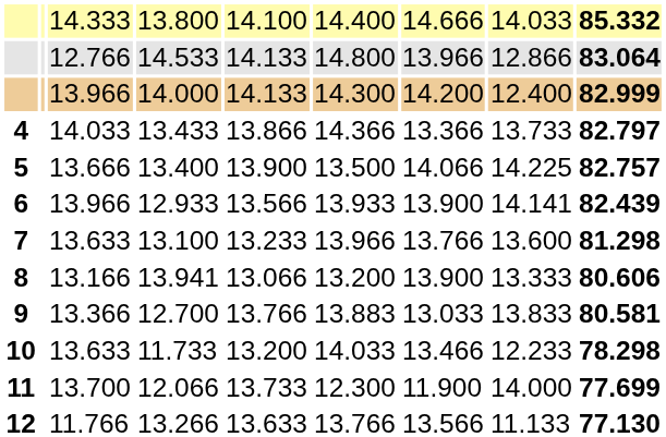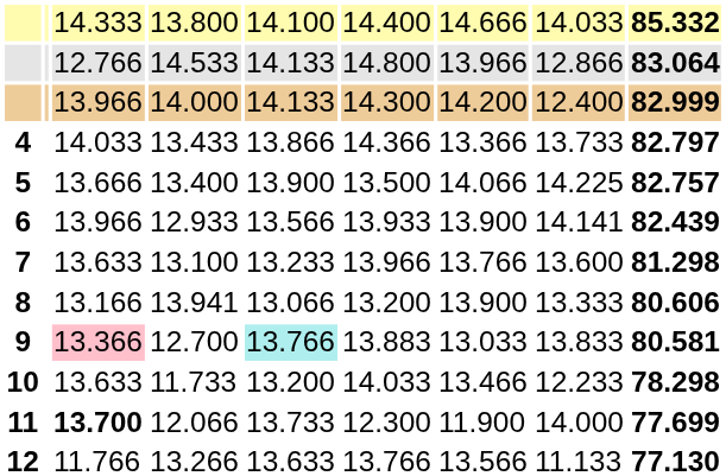 <table>
 <tr style="background:#fffcaf;">
 <th scope=row style="text-align:center"></th>
 <td align=left></td>
 <td>14.333</td>
 <td>13.800</td>
 <td>14.100</td>
 <td>14.400</td>
 <td>14.666</td>
 <td>14.033</td>
 <td><strong>85.332</strong></td>
 </tr>
 <tr style="background:#e5e5e5;">
 <th scope=row style="text-align:center"></th>
 <td align=left></td>
 <td>12.766</td>
 <td>14.533</td>
 <td>14.133</td>
 <td>14.800</td>
 <td>13.966</td>
 <td>12.866</td>
 <td><strong>83.064</strong></td>
 </tr>
 <tr style="background:#ec9;">
 <th scope=row style="text-align:center"></th>
 <td align=left></td>
 <td>13.966</td>
 <td>14.000</td>
 <td>14.133</td>
 <td>14.300</td>
 <td>14.200</td>
 <td>12.400</td>
 <td><strong>82.999</strong></td>
 </tr>
 <tr>
 <th scope=row style="text-align:center">4</th>
 <td align=left></td>
 <td>14.033</td>
 <td>13.433</td>
 <td>13.866</td>
 <td>14.366</td>
 <td>13.366</td>
 <td>13.733</td>
 <td><strong>82.797</strong></td>
 </tr>
 <tr>
 <th scope=row style="text-align:center">5</th>
 <td align=left></td>
 <td>13.666</td>
 <td>13.400</td>
 <td>13.900</td>
 <td>13.500</td>
 <td>14.066</td>
 <td>14.225</td>
 <td><strong>82.757</strong></td>
 </tr>
 <tr>
 <th scope=row style="text-align:center">6</th>
 <td align=left></td>
 <td>13.966</td>
 <td>12.933</td>
 <td>13.566</td>
 <td>13.933</td>
 <td>13.900</td>
 <td>14.141</td>
 <td><strong>82.439</strong></td>
 </tr>
 <tr>
 <th scope=row style="text-align:center">7</th>
 <td align=left></td>
 <td>13.633</td>
 <td>13.100</td>
 <td>13.233</td>
 <td>13.966</td>
 <td>13.766</td>
 <td>13.600</td>
 <td><strong>81.298</strong></td>
 </tr>
 <tr>
 <th scope=row style="text-align:center">8</th>
 <td align=left></td>
 <td>13.166</td>
 <td>13.941</td>
 <td>13.066</td>
 <td>13.200</td>
 <td>13.900</td>
 <td>13.333</td>
 <td><strong>80.606</strong></td>
 </tr>
 <tr>
 <th scope=row style="text-align:center">9</th>
 <td align=left></td>
-<td>13.366</td>
+<td style="background: pink;">13.366</td>
 <td>12.700</td>
-<td>13.766</td>
+<td style="background: paleturquoise;">13.766</td>
 <td>13.883</td>
 <td>13.033</td>
 <td>13.833</td>
 <td><strong>80.581</strong></td>
 </tr>
 <tr>
 <th scope=row style="text-align:center">10</th>
 <td align=left></td>
 <td>13.633</td>
 <td>11.733</td>
 <td>13.200</td>
 <td>14.033</td>
 <td>13.466</td>
 <td>12.233</td>
 <td><strong>78.298</strong></td>
 </tr>
 <tr>
 <th scope=row style="text-align:center">11</th>
 <td align=left></td>
-<td>13.700</td>
+<td><strong>13.700</strong></td>
 <td>12.066</td>
 <td>13.733</td>
 <td>12.300</td>
 <td>11.900</td>
 <td>14.000</td>
 <td><strong>77.699</strong></td>
 </tr>
 <tr>
 <th scope=row style="text-align:center">12</th>
 <td align=left></td>
 <td>11.766</td>
 <td>13.266</td>
 <td>13.633</td>
 <td>13.766</td>
 <td>13.566</td>
 <td>11.133</td>
 <td><strong>77.130</strong></td>
 </tr>
 </table>
